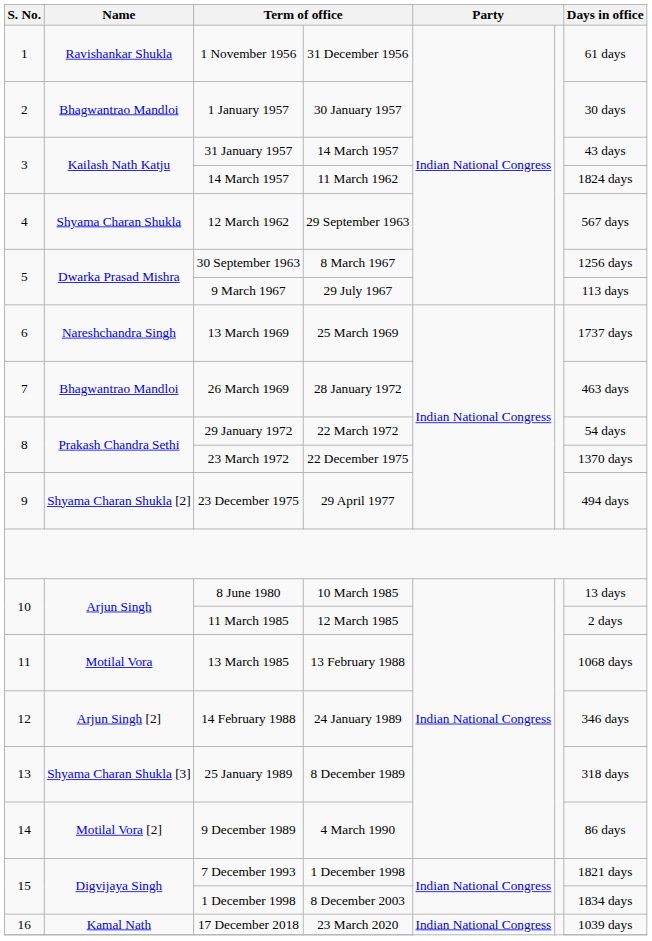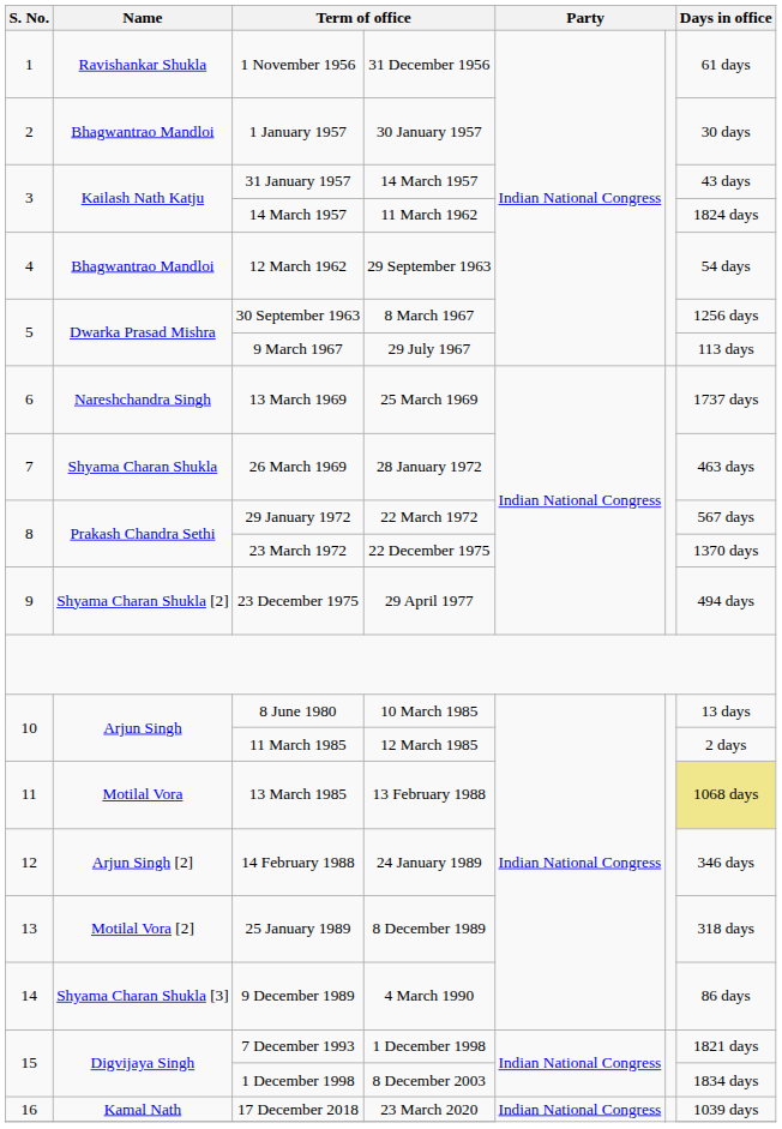 <table class="wikitable">
 <tr>
 <th>S. No.</th>
 <th>Name</th>
 <th colspan=2>Term of office</th>
 <th colspan=2>Party</th>
 <th>Days in office</th>
 </tr>
 <tr align=center>
 <td style="height: 60px;">1</td>
 <td><a href='#'>Ravishankar Shukla</a><br></td>
 <td>1 November 1956</td>
 <td>31 December 1956</td>
 <td rowspan=7><a href='#'>Indian National Congress</a></td>
 <td rowspan=7 width=4px style="background-color: "></td>
 <td>61 days</td>
 </tr>
 <tr align=center>
 <td style="height: 60px;">2</td>
 <td><a href='#'>Bhagwantrao Mandloi</a><br></td>
 <td>1 January 1957</td>
 <td>30 January 1957</td>
 <td>30 days</td>
 </tr>
 <tr align=center>
 <td style="height: 60px;" rowspan=2>3</td>
 <td rowspan=2><a href='#'>Kailash Nath Katju</a><br></td>
 <td>31 January 1957</td>
 <td>14 March 1957</td>
 <td>43 days</td>
 </tr>
 <tr align=center>
 <td>14 March 1957</td>
 <td>11 March 1962</td>
 <td>1824 days</td>
 </tr>
 <tr align=center>
 <td style="height: 60px;">4</td>
-<td><a href='#'>Shyama Charan Shukla</a><br></td>
+<td><a href='#'>Bhagwantrao Mandloi</a><br></td>
 <td>12 March 1962</td>
 <td>29 September 1963</td>
-<td>567 days</td>
+<td>54 days</td>
 </tr>
 <tr align=center>
 <td style="height: 60px;" rowspan=2>5</td>
 <td rowspan=2><a href='#'>Dwarka Prasad Mishra</a><br></td>
 <td>30 September 1963</td>
 <td>8 March 1967</td>
 <td>1256 days</td>
 </tr>
 <tr align=center>
 <td>9 March 1967</td>
 <td>29 July 1967</td>
 <td>113 days</td>
 </tr>
 <tr align=center>
 <td style="height: 60px;">6</td>
 <td><a href='#'>Nareshchandra Singh</a><br></td>
 <td>13 March 1969</td>
 <td>25 March 1969</td>
 <td rowspan=5><a href='#'>Indian National Congress</a></td>
 <td rowspan=5 width=4px style="background-color: "></td>
 <td>1737 days</td>
 </tr>
 <tr align=center>
 <td style="height: 60px;">7</td>
-<td><a href='#'>Bhagwantrao Mandloi</a><br></td>
+<td><a href='#'>Shyama Charan Shukla</a><br></td>
 <td>26 March 1969</td>
 <td>28 January 1972</td>
 <td>463 days</td>
 </tr>
 <tr align=center>
 <td style="height: 60px;" rowspan=2>8</td>
 <td rowspan=2><a href='#'>Prakash Chandra Sethi</a><br></td>
 <td>29 January 1972</td>
 <td>22 March 1972</td>
-<td>54 days</td>
+<td>567 days</td>
 </tr>
 <tr align=center>
 <td>23 March 1972</td>
 <td>22 December 1975</td>
 <td>1370 days</td>
 </tr>
 <tr align=center>
 <td style="height: 60px;">9</td>
 <td><a href='#'>Shyama Charan Shukla</a> [2]<br></td>
 <td>23 December 1975</td>
 <td>29 April 1977</td>
 <td>494 days</td>
 </tr>
 <tr align=center style="height: 60px;">
 </tr>
 <tr align=center>
 <td style="height: 60px;" rowspan=2>10</td>
 <td rowspan=2><a href='#'>Arjun Singh</a><br></td>
 <td>8 June 1980</td>
 <td>10 March 1985</td>
 <td rowspan=6><a href='#'>Indian National Congress</a></td>
 <td rowspan=6 width=4px style="background-color: "></td>
 <td>13 days</td>
 </tr>
 <tr align=center>
 <td>11 March 1985</td>
 <td>12 March 1985</td>
 <td>2 days</td>
 </tr>
 <tr align=center>
 <td style="height: 60px;">11</td>
 <td><a href='#'>Motilal Vora</a><br></td>
 <td>13 March 1985</td>
 <td>13 February 1988</td>
-<td>1068 days</td>
+<td style="background: khaki;">1068 days</td>
 </tr>
 <tr align=center>
 <td style="height: 60px;">12</td>
 <td><a href='#'>Arjun Singh</a> [2]<br></td>
 <td>14 February 1988</td>
 <td>24 January 1989</td>
 <td>346 days</td>
 </tr>
 <tr align=center>
 <td style="height: 60px;">13</td>
-<td><a href='#'>Shyama Charan Shukla</a> [3]</td>
+<td><a href='#'>Motilal Vora</a> [2]<br></td>
 <td>25 January 1989</td>
 <td>8 December 1989</td>
 <td>318 days</td>
 </tr>
 <tr align=center>
 <td style="height: 60px;">14</td>
-<td><a href='#'>Motilal Vora</a> [2]<br></td>
+<td><a href='#'>Shyama Charan Shukla</a> [3]</td>
 <td>9 December 1989</td>
 <td>4 March 1990</td>
 <td>86 days</td>
 </tr>
 <tr align=center>
 <td style="height: 60px;" rowspan=2>15</td>
 <td rowspan=2><a href='#'>Digvijaya Singh</a><br></td>
 <td>7 December 1993</td>
 <td>1 December 1998</td>
 <td rowspan=2><a href='#'>Indian National Congress</a></td>
 <td rowspan=2 width=4px style="background-color: "></td>
 <td>1821 days</td>
 </tr>
 <tr align=center>
 <td>1 December 1998</td>
 <td>8 December 2003</td>
 <td>1834 days</td>
 </tr>
 <tr align=center>
 <td>16</td>
 <td><a href='#'>Kamal Nath</a><br></td>
 <td>17 December 2018</td>
 <td>23 March 2020</td>
 <td rowspan=2><a href='#'>Indian National Congress</a></td>
 <td rowspan=2 width=4px style="background-color: "></td>
 <td>1039 days</td>
 </tr>
 <tr>
 </tr>
 </table>
